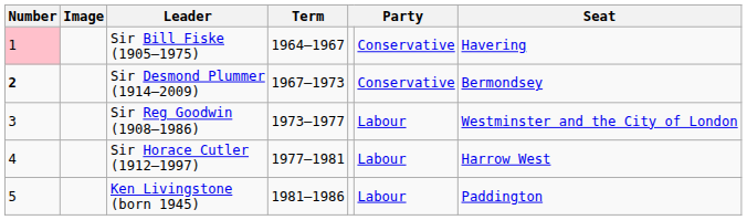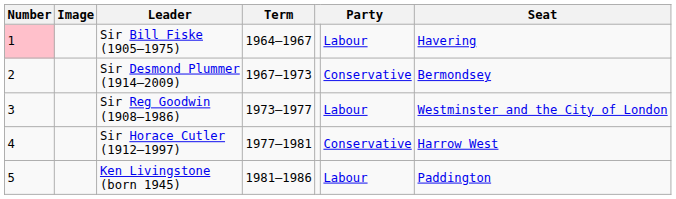 <table class=wikitable>
 <tr>
 <th>Number</th>
 <th>Image</th>
 <th>Leader</th>
 <th>Term</th>
 <th colspan=2>Party</th>
 <th>Seat</th>
 </tr>
 <tr>
 <td style="background: pink;">1</td>
 <td></td>
 <td>Sir <a href='#'>Bill Fiske</a><br>(1905–1975)</td>
 <td>1964–1967</td>
 <td style="background-color: "></td>
-<td><a href='#'>Conservative</a></td>
+<td><a href='#'>Labour</a></td>
 <td><a href='#'>Havering</a></td>
 </tr>
 <tr>
-<td><strong>2</strong></td>
+<td>2</td>
 <td></td>
 <td>Sir <a href='#'>Desmond Plummer</a><br>(1914–2009)</td>
 <td>1967–1973</td>
 <td style="background-color: "></td>
 <td><a href='#'>Conservative</a></td>
 <td><a href='#'>Bermondsey</a></td>
 </tr>
 <tr>
 <td>3</td>
 <td></td>
 <td>Sir <a href='#'>Reg Goodwin</a><br>(1908–1986)</td>
 <td>1973–1977</td>
 <td style="background-color: "></td>
 <td><a href='#'>Labour</a></td>
 <td><a href='#'>Westminster and the City of London</a></td>
 </tr>
 <tr>
 <td>4</td>
 <td></td>
 <td>Sir <a href='#'>Horace Cutler</a><br>(1912–1997)</td>
 <td>1977–1981</td>
 <td style="background-color: "></td>
-<td><a href='#'>Labour</a></td>
+<td><a href='#'>Conservative</a></td>
 <td><a href='#'>Harrow West</a></td>
 </tr>
 <tr>
 <td>5</td>
 <td></td>
 <td><a href='#'>Ken Livingstone</a><br>(born 1945)</td>
 <td>1981–1986</td>
 <td style="background-color: "></td>
 <td><a href='#'>Labour</a></td>
 <td><a href='#'>Paddington</a></td>
 </tr>
 </table>
